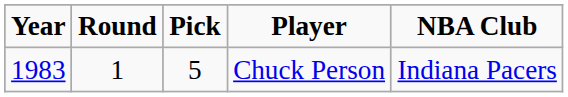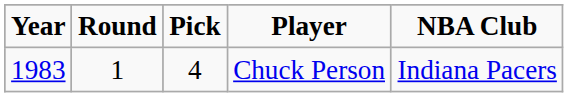 <table class="wikitable">
 <tr align="center">
 <td><strong>Year</strong></td>
 <td><strong>Round</strong></td>
 <td><strong>Pick</strong></td>
 <td><strong>Player</strong></td>
 <td><strong>NBA Club</strong></td>
 </tr>
 <tr style="text-align:center;" bgcolor="">
 <td><a href='#'>1983</a></td>
 <td>1</td>
-<td>5</td>
+<td>4</td>
 <td><a href='#'>Chuck Person</a></td>
 <td><a href='#'>Indiana Pacers</a></td>
 </tr>
 </table>
